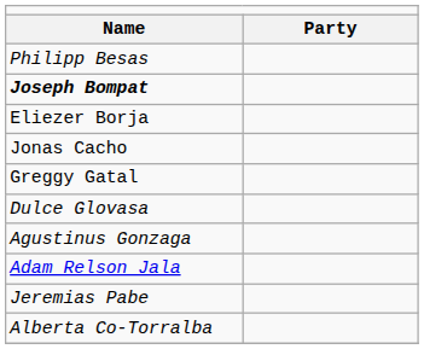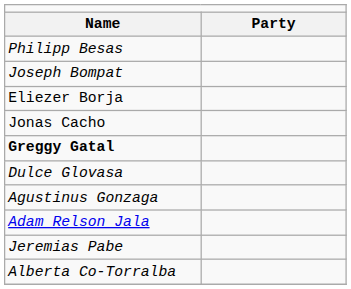 <table class=wikitable style="font-size:90%">
 <tr>
 <td colspan=4 bgcolor=></td>
 </tr>
 <tr>
 <th width=150px>Name</th>
 <th colspan=2 width=110px>Party</th>
 </tr>
 <tr>
 <td><em>Philipp Besas</em></td>
 <td></td>
 </tr>
 <tr>
-<td><strong><em>Joseph Bompat</em></strong></td>
+<td><em>Joseph Bompat</em></td>
 <td></td>
 </tr>
 <tr>
 <td>Eliezer Borja</td>
 <td></td>
 </tr>
 <tr>
 <td>Jonas Cacho</td>
 <td></td>
 </tr>
 <tr>
-<td>Greggy Gatal</td>
+<td><strong>Greggy Gatal</strong></td>
 <td></td>
 </tr>
 <tr>
 <td><em>Dulce Glovasa</em></td>
 <td></td>
 </tr>
 <tr>
 <td><em>Agustinus Gonzaga</em></td>
 <td></td>
 </tr>
 <tr>
 <td><em><a href='#'>Adam Relson Jala</a></em></td>
 <td></td>
 </tr>
 <tr>
 <td><em>Jeremias Pabe</em></td>
 <td></td>
 </tr>
 <tr>
 <td><em>Alberta Co-Torralba</em></td>
 <td></td>
 </tr>
 <tr>
 </tr>
 </table>
